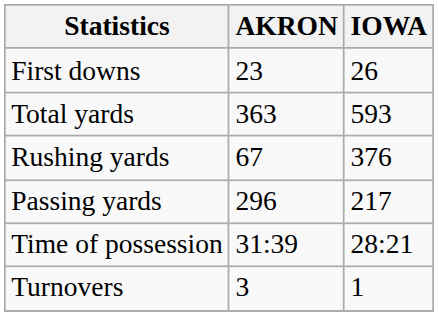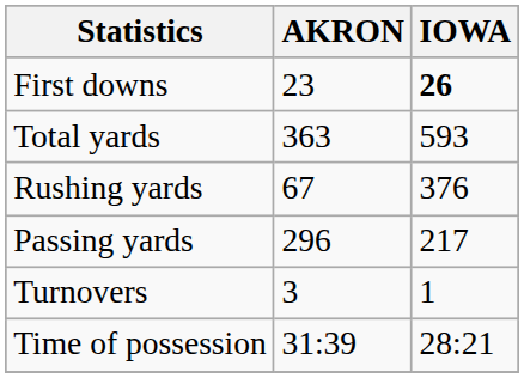 <table class="wikitable">
 <tr>
 <th>Statistics</th>
 <th>AKRON</th>
 <th>IOWA</th>
 </tr>
 <tr>
 <td>First downs</td>
 <td>23</td>
-<td>26</td>
+<td><strong>26</strong></td>
 </tr>
 <tr>
 <td>Total yards</td>
 <td>363</td>
 <td>593</td>
 </tr>
 <tr>
 <td>Rushing yards</td>
 <td>67</td>
 <td>376</td>
 </tr>
 <tr>
 <td>Passing yards</td>
 <td>296</td>
 <td>217</td>
 </tr>
 <tr>
+<td>Turnovers</td>
+<td>3</td>
+<td>1</td>
+</tr>
+<tr>
 <td>Time of possession</td>
 <td>31:39</td>
 <td>28:21</td>
 </tr>
 <tr>
-<td>Turnovers</td>
-<td>3</td>
-<td>1</td>
-</tr>
-<tr>
 </tr>
 </table>
